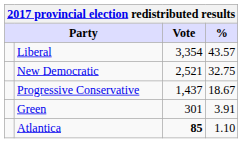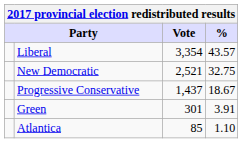 <table class="wikitable">
 <tr>
 <th colspan="4"><a href='#'>2017 provincial election</a> redistributed results</th>
 </tr>
 <tr>
 <th style="background:#DDDDFF" width="130px" colspan="2">Party</th>
 <th style="background:#DDDDFF" width="50px">Vote</th>
 <th style="background:#DDDDFF" width="30px">%</th>
 </tr>
 <tr>
 <td> </td>
 <td><a href='#'>Liberal</a></td>
 <td align=right>3,354</td>
 <td align=right>43.57</td>
 </tr>
 <tr>
 <td> </td>
 <td><a href='#'>New Democratic</a></td>
 <td align=right>2,521</td>
 <td align=right>32.75</td>
 </tr>
 <tr>
 <td> </td>
 <td><a href='#'>Progressive Conservative</a></td>
 <td align=right>1,437</td>
 <td align=right>18.67</td>
 </tr>
 <tr>
 <td> </td>
 <td><a href='#'>Green</a></td>
 <td align=right>301</td>
 <td align=right>3.91</td>
 </tr>
 <tr>
 <td> </td>
 <td><a href='#'>Atlantica</a></td>
-<td align=right><strong>85</strong></td>
+<td align=right>85</td>
 <td align=right>1.10</td>
 </tr>
 </table>
